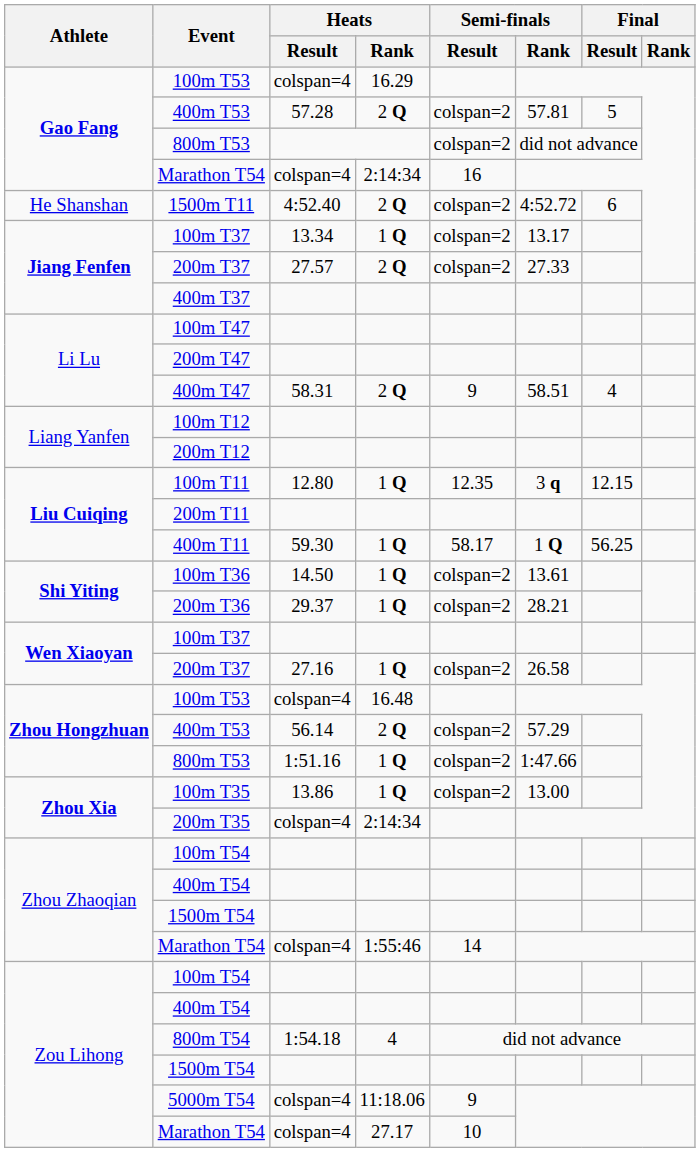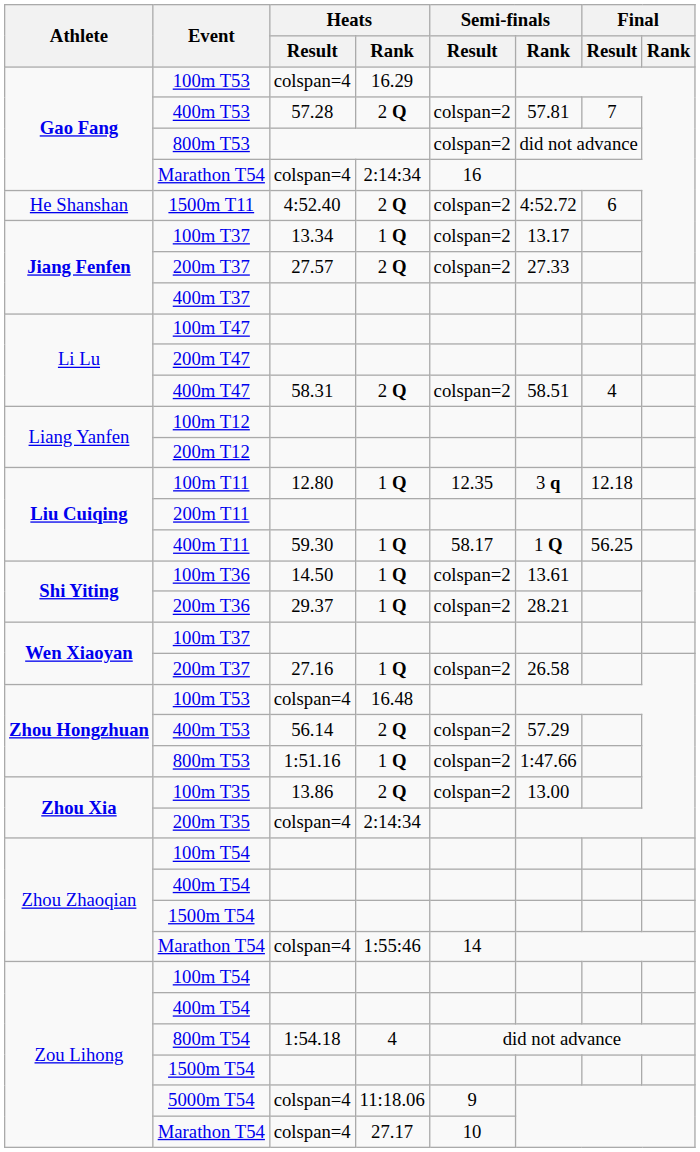 <table class=wikitable style="text-align: center; font-size:90%">
 <tr>
 <th rowspan="2">Athlete</th>
 <th rowspan="2">Event</th>
 <th colspan="2">Heats</th>
 <th colspan="2">Semi-finals</th>
 <th colspan="2">Final</th>
 </tr>
 <tr>
 <th>Result</th>
 <th>Rank</th>
 <th>Result</th>
 <th>Rank</th>
 <th>Result</th>
 <th>Rank</th>
 </tr>
 <tr>
 <td rowspan=4><strong><a href='#'>Gao Fang</a></strong></td>
 <td><a href='#'>100m T53</a></td>
 <td>colspan=4 </td>
 <td>16.29</td>
 <td></td>
 </tr>
 <tr>
 <td><a href='#'>400m T53</a></td>
 <td>57.28</td>
 <td>2 <strong>Q</strong></td>
 <td>colspan=2 </td>
 <td>57.81</td>
-<td>5</td>
+<td>7</td>
 </tr>
 <tr>
 <td><a href='#'>800m T53</a></td>
 <td colspan=2></td>
 <td>colspan=2 </td>
 <td colspan=2>did not advance</td>
 </tr>
 <tr>
 <td><a href='#'>Marathon T54</a></td>
 <td>colspan=4 </td>
 <td>2:14:34</td>
 <td>16</td>
 </tr>
 <tr>
 <td><a href='#'>He Shanshan</a></td>
 <td><a href='#'>1500m T11</a></td>
 <td>4:52.40</td>
 <td>2 <strong>Q</strong></td>
 <td>colspan=2 </td>
 <td>4:52.72</td>
 <td>6</td>
 </tr>
 <tr>
 <td rowspan=3><strong><a href='#'>Jiang Fenfen</a></strong></td>
 <td><a href='#'>100m T37</a></td>
 <td>13.34</td>
 <td>1 <strong>Q</strong></td>
 <td>colspan=2 </td>
 <td>13.17</td>
 <td></td>
 </tr>
 <tr>
 <td><a href='#'>200m T37</a></td>
 <td>27.57</td>
 <td>2 <strong>Q</strong></td>
 <td>colspan=2 </td>
 <td>27.33</td>
 <td></td>
 </tr>
 <tr>
 <td><a href='#'>400m T37</a></td>
 <td></td>
 <td></td>
 <td></td>
 <td></td>
 <td></td>
 <td></td>
 </tr>
 <tr>
 <td rowspan=3><a href='#'>Li Lu</a></td>
 <td><a href='#'>100m T47</a></td>
 <td></td>
 <td></td>
 <td></td>
 <td></td>
 <td></td>
 <td></td>
 </tr>
 <tr>
 <td><a href='#'>200m T47</a></td>
 <td></td>
 <td></td>
 <td></td>
 <td></td>
 <td></td>
 <td></td>
 </tr>
 <tr>
 <td><a href='#'>400m T47</a></td>
 <td>58.31</td>
 <td>2 <strong>Q</strong></td>
-<td>9</td>
+<td>colspan=2 </td>
 <td>58.51</td>
 <td>4</td>
 </tr>
 <tr>
 <td rowspan=2><a href='#'>Liang Yanfen</a></td>
 <td><a href='#'>100m T12</a></td>
 <td></td>
 <td></td>
 <td></td>
 <td></td>
 <td></td>
 <td></td>
 </tr>
 <tr>
 <td><a href='#'>200m T12</a></td>
 <td></td>
 <td></td>
 <td></td>
 <td></td>
 <td></td>
 <td></td>
 </tr>
 <tr>
 <td rowspan=3><strong><a href='#'>Liu Cuiqing</a></strong></td>
 <td><a href='#'>100m T11</a></td>
 <td>12.80</td>
 <td>1 <strong>Q</strong></td>
 <td>12.35</td>
 <td>3 <strong>q</strong></td>
-<td>12.15</td>
+<td>12.18</td>
 <td></td>
 </tr>
 <tr>
 <td><a href='#'>200m T11</a></td>
 <td></td>
 <td></td>
 <td></td>
 <td></td>
 <td></td>
 <td></td>
 </tr>
 <tr>
 <td><a href='#'>400m T11</a></td>
 <td>59.30</td>
 <td>1 <strong>Q</strong></td>
 <td>58.17</td>
 <td>1 <strong>Q</strong></td>
 <td>56.25</td>
 <td></td>
 </tr>
 <tr>
 <td rowspan=2><strong><a href='#'>Shi Yiting</a></strong></td>
 <td><a href='#'>100m T36</a></td>
 <td>14.50</td>
 <td>1 <strong>Q</strong></td>
 <td>colspan=2 </td>
 <td>13.61 </td>
 <td></td>
 </tr>
 <tr>
 <td><a href='#'>200m T36</a></td>
 <td>29.37</td>
 <td>1 <strong>Q</strong></td>
 <td>colspan=2 </td>
 <td>28.21 </td>
 <td></td>
 </tr>
 <tr>
 <td rowspan=2><strong><a href='#'>Wen Xiaoyan</a></strong></td>
 <td><a href='#'>100m T37</a></td>
 <td></td>
 <td></td>
 <td></td>
 <td></td>
 <td></td>
 <td></td>
 </tr>
 <tr>
 <td><a href='#'>200m T37</a></td>
 <td>27.16</td>
 <td>1 <strong>Q</strong></td>
 <td>colspan=2 </td>
 <td>26.58 </td>
 <td></td>
 </tr>
 <tr>
 <td rowspan=3><strong><a href='#'>Zhou Hongzhuan</a></strong></td>
 <td><a href='#'>100m T53</a></td>
 <td>colspan=4 </td>
 <td>16.48</td>
 <td></td>
 </tr>
 <tr>
 <td><a href='#'>400m T53</a></td>
 <td>56.14</td>
 <td>2 <strong>Q</strong></td>
 <td>colspan=2 </td>
 <td>57.29</td>
 <td></td>
 </tr>
 <tr>
 <td><a href='#'>800m T53</a></td>
 <td>1:51.16</td>
 <td>1 <strong>Q</strong></td>
 <td>colspan=2 </td>
 <td>1:47.66</td>
 <td></td>
 </tr>
 <tr>
 <td rowspan=2><strong><a href='#'>Zhou Xia</a></strong></td>
 <td><a href='#'>100m T35</a></td>
 <td>13.86</td>
-<td>1 <strong>Q</strong></td>
+<td>2 <strong>Q</strong></td>
 <td>colspan=2 </td>
 <td>13.00</td>
 <td></td>
 </tr>
 <tr>
 <td><a href='#'>200m T35</a></td>
 <td>colspan=4 </td>
 <td>2:14:34</td>
 <td></td>
 </tr>
 <tr>
 <td rowspan=4><a href='#'>Zhou Zhaoqian</a></td>
 <td><a href='#'>100m T54</a></td>
 <td></td>
 <td></td>
 <td></td>
 <td></td>
 <td></td>
 <td></td>
 </tr>
 <tr>
 <td><a href='#'>400m T54</a></td>
 <td></td>
 <td></td>
 <td></td>
 <td></td>
 <td></td>
 <td></td>
 </tr>
 <tr>
 <td><a href='#'>1500m T54</a></td>
 <td></td>
 <td></td>
 <td></td>
 <td></td>
 <td></td>
 <td></td>
 </tr>
 <tr>
 <td><a href='#'>Marathon T54</a></td>
 <td>colspan=4 </td>
 <td>1:55:46</td>
 <td>14</td>
 </tr>
 <tr>
 <td rowspan=6><a href='#'>Zou Lihong</a></td>
 <td><a href='#'>100m T54</a></td>
 <td></td>
 <td></td>
 <td></td>
 <td></td>
 <td></td>
 <td></td>
 </tr>
 <tr>
 <td><a href='#'>400m T54</a></td>
 <td></td>
 <td></td>
 <td></td>
 <td></td>
 <td></td>
 <td></td>
 </tr>
 <tr>
 <td><a href='#'>800m T54</a></td>
 <td>1:54.18</td>
 <td>4</td>
 <td colspan=4>did not advance</td>
 </tr>
 <tr>
 <td><a href='#'>1500m T54</a></td>
 <td></td>
 <td></td>
 <td></td>
 <td></td>
 <td></td>
 <td></td>
 </tr>
 <tr>
 <td><a href='#'>5000m T54</a></td>
 <td>colspan=4 </td>
 <td>11:18.06</td>
 <td>9</td>
 </tr>
 <tr>
 <td><a href='#'>Marathon T54</a></td>
 <td>colspan=4 </td>
 <td>27.17 </td>
 <td>10</td>
 </tr>
 </table>
